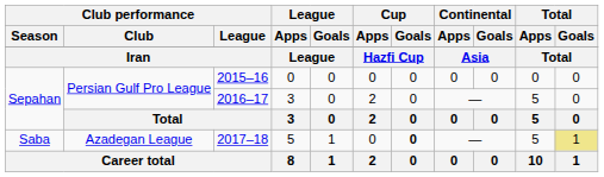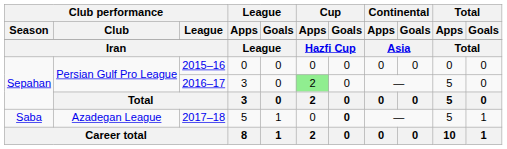 <table class="wikitable" style="text-align:center">
 <tr>
 <th colspan=3>Club performance</th>
 <th colspan=2>League</th>
 <th colspan=2>Cup</th>
 <th colspan=2>Continental</th>
 <th colspan=2>Total</th>
 </tr>
 <tr>
 <th>Season</th>
 <th>Club</th>
 <th>League</th>
 <th>Apps</th>
 <th>Goals</th>
 <th>Apps</th>
 <th>Goals</th>
 <th>Apps</th>
 <th>Goals</th>
 <th>Apps</th>
 <th>Goals</th>
 </tr>
 <tr>
 </tr>
 <tr>
 <th colspan=3>Iran</th>
 <th colspan=2>League</th>
 <th colspan=2><a href='#'>Hazfi Cup</a></th>
 <th colspan=2><a href='#'>Asia</a></th>
 <th colspan=2>Total</th>
 </tr>
 <tr>
 <td rowspan="3"><a href='#'>Sepahan</a></td>
 <td rowspan="2"><a href='#'>Persian Gulf Pro League</a></td>
 <td><a href='#'>2015–16</a></td>
 <td>0</td>
 <td>0</td>
 <td>0</td>
 <td>0</td>
 <td>0</td>
 <td>0</td>
 <td>0</td>
 <td>0</td>
 </tr>
 <tr>
 <td><a href='#'>2016–17</a></td>
 <td>3</td>
 <td>0</td>
-<td>2</td>
+<td style="background: lightgreen;">2</td>
 <td>0</td>
 <td colspan="2">—</td>
 <td>5</td>
 <td>0</td>
 </tr>
 <tr>
 <th colspan=2>Total</th>
 <th>3</th>
 <th>0</th>
 <th>2</th>
 <th>0</th>
 <th>0</th>
 <th>0</th>
 <th>5</th>
 <th>0</th>
 </tr>
 <tr>
 <td><a href='#'>Saba</a></td>
 <td><a href='#'>Azadegan League</a></td>
 <td><a href='#'>2017–18</a></td>
 <td>5</td>
 <td>1</td>
 <td>0</td>
 <td><strong>0</strong></td>
 <td colspan="2">—</td>
 <td>5</td>
-<td style="background: khaki;">1</td>
+<td>1</td>
 </tr>
 <tr>
 <th colspan=3>Career total</th>
 <th>8</th>
 <th>1</th>
 <th>2</th>
 <th>0</th>
 <th>0</th>
 <th>0</th>
 <th>10</th>
 <th>1</th>
 </tr>
 </table>
